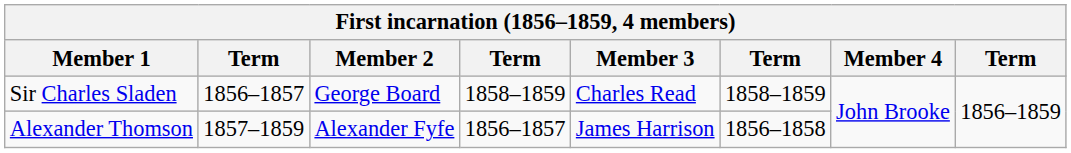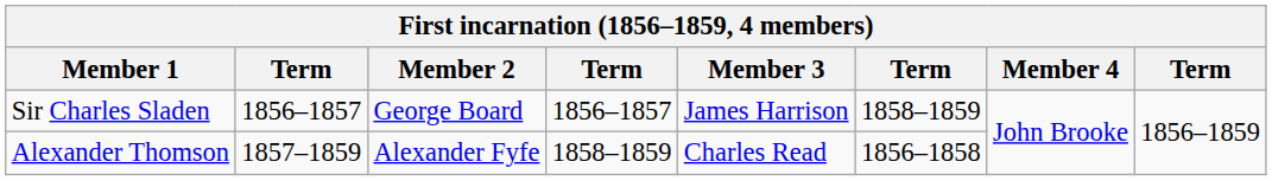 <table class="wikitable">
 <tr>
 <th colspan="8">First incarnation (1856–1859, 4 members)</th>
 </tr>
 <tr>
 <th>Member 1</th>
 <th>Term</th>
 <th>Member 2</th>
 <th>Term</th>
 <th>Member 3</th>
 <th>Term</th>
 <th>Member 4</th>
 <th>Term</th>
 </tr>
 <tr>
 <td>Sir <a href='#'>Charles Sladen</a></td>
 <td>1856–1857</td>
 <td><a href='#'>George Board</a></td>
-<td>1858–1859</td>
-<td><a href='#'>Charles Read</a></td>
+<td>1856–1857</td>
+<td><a href='#'>James Harrison</a></td>
 <td>1858–1859</td>
 <td rowspan=2><a href='#'>John Brooke</a></td>
 <td rowspan=2>1856–1859</td>
 </tr>
 <tr>
 <td><a href='#'>Alexander Thomson</a></td>
 <td>1857–1859</td>
 <td><a href='#'>Alexander Fyfe</a></td>
-<td>1856–1857</td>
-<td><a href='#'>James Harrison</a></td>
+<td>1858–1859</td>
+<td><a href='#'>Charles Read</a></td>
 <td>1856–1858</td>
 </tr>
 </table>
